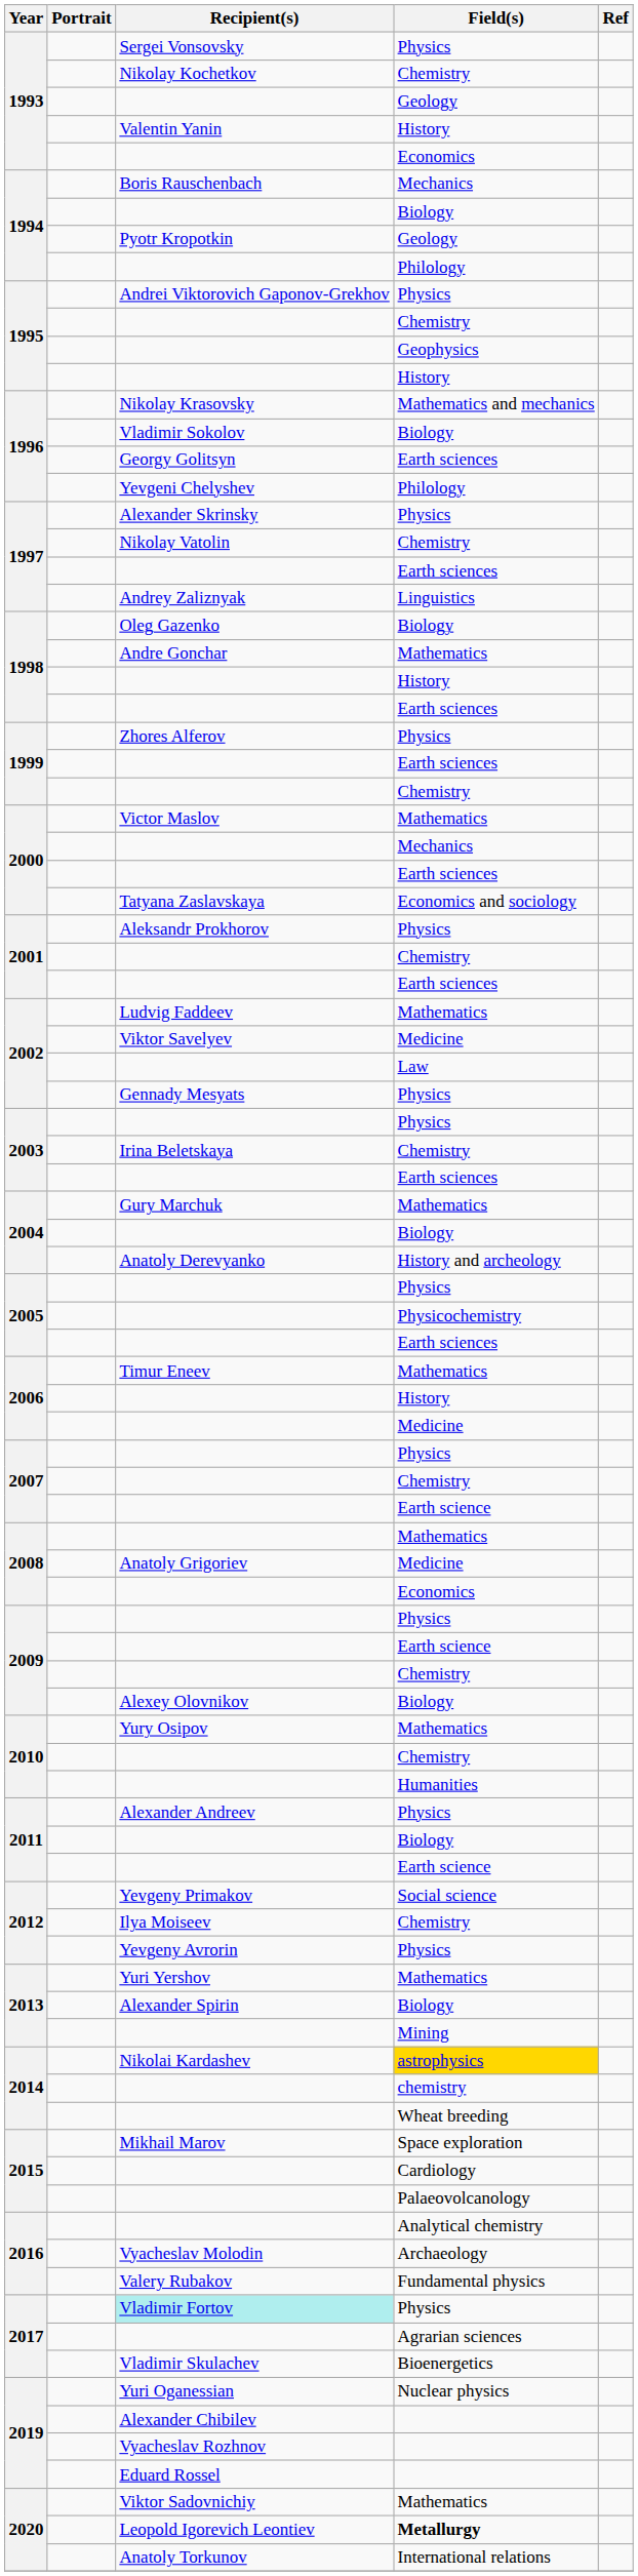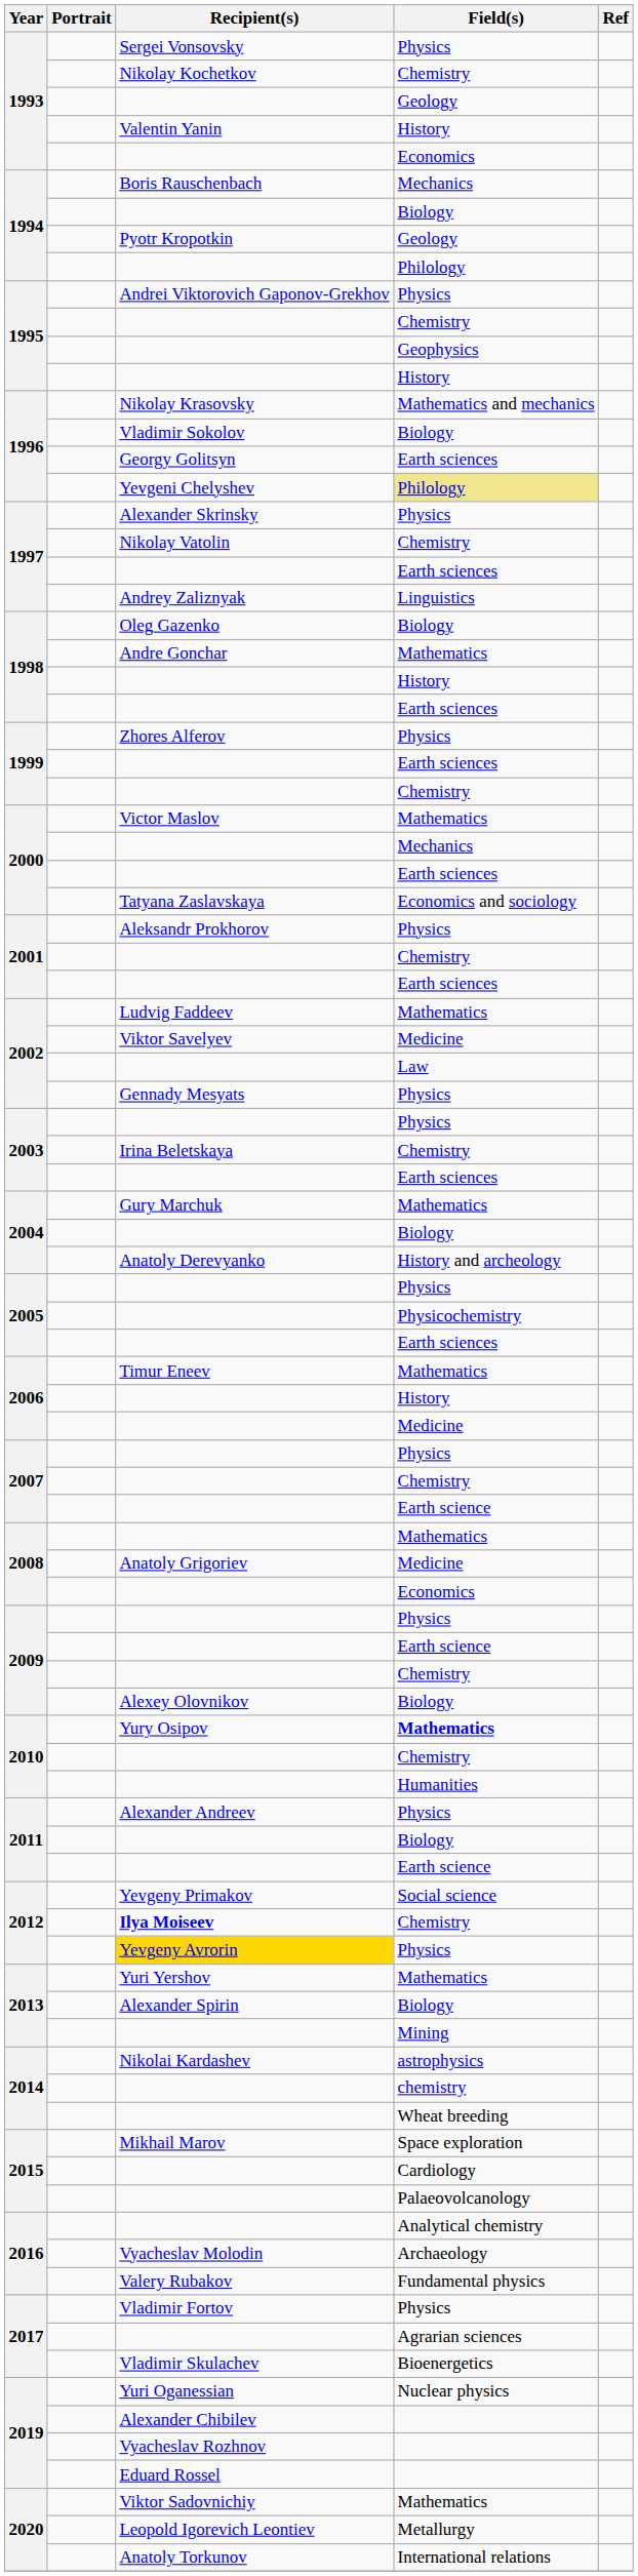 <table class="sortable wikitable" border="1" style="text-align:left">
 <tr>
 <th scope="col">Year</th>
 <th scope="col">Portrait</th>
 <th scope="col">Recipient(s)</th>
 <th scope="col">Field(s)</th>
 <th scope="col">Ref</th>
 </tr>
 <tr>
 <th rowspan=5>1993</th>
 <td></td>
 <td><a href='#'>Sergei Vonsovsky</a></td>
 <td><a href='#'>Physics</a></td>
 <td></td>
 </tr>
 <tr>
 <td></td>
 <td><a href='#'>Nikolay Kochetkov</a></td>
 <td><a href='#'>Chemistry</a></td>
 <td></td>
 </tr>
 <tr>
 <td></td>
 <td></td>
 <td><a href='#'>Geology</a></td>
 <td></td>
 </tr>
 <tr>
 <td></td>
 <td><a href='#'>Valentin Yanin</a></td>
 <td><a href='#'>History</a></td>
 <td></td>
 </tr>
 <tr>
 <td></td>
 <td></td>
 <td><a href='#'>Economics</a></td>
 <td></td>
 </tr>
 <tr>
 <th rowspan=4>1994</th>
 <td></td>
 <td><a href='#'>Boris Rauschenbach</a></td>
 <td><a href='#'>Mechanics</a></td>
 <td></td>
 </tr>
 <tr>
 <td></td>
 <td></td>
 <td><a href='#'>Biology</a></td>
 <td></td>
 </tr>
 <tr>
 <td></td>
 <td><a href='#'>Pyotr Kropotkin</a></td>
 <td><a href='#'>Geology</a></td>
 <td></td>
 </tr>
 <tr>
 <td></td>
 <td></td>
 <td><a href='#'>Philology</a></td>
 <td></td>
 </tr>
 <tr>
 <th rowspan=4>1995</th>
 <td></td>
 <td><a href='#'>Andrei Viktorovich Gaponov-Grekhov</a></td>
 <td><a href='#'>Physics</a></td>
 <td></td>
 </tr>
 <tr>
 <td></td>
 <td></td>
 <td><a href='#'>Chemistry</a></td>
 <td></td>
 </tr>
 <tr>
 <td></td>
 <td></td>
 <td><a href='#'>Geophysics</a></td>
 <td></td>
 </tr>
 <tr>
 <td></td>
 <td></td>
 <td><a href='#'>History</a></td>
 <td></td>
 </tr>
 <tr>
 <th rowspan=4>1996</th>
 <td></td>
 <td><a href='#'>Nikolay Krasovsky</a></td>
 <td><a href='#'>Mathematics</a> and <a href='#'>mechanics</a></td>
 <td></td>
 </tr>
 <tr>
 <td></td>
 <td><a href='#'>Vladimir Sokolov</a></td>
 <td><a href='#'>Biology</a></td>
 <td></td>
 </tr>
 <tr>
 <td></td>
 <td><a href='#'>Georgy Golitsyn</a></td>
 <td><a href='#'>Earth sciences</a></td>
 <td></td>
 </tr>
 <tr>
 <td></td>
 <td><a href='#'>Yevgeni Chelyshev</a></td>
-<td><a href='#'>Philology</a></td>
+<td style="background: khaki;"><a href='#'>Philology</a></td>
 <td></td>
 </tr>
 <tr>
 <th rowspan=4>1997</th>
 <td></td>
 <td><a href='#'>Alexander Skrinsky</a></td>
 <td><a href='#'>Physics</a></td>
 <td></td>
 </tr>
 <tr>
 <td></td>
 <td><a href='#'>Nikolay Vatolin</a></td>
 <td><a href='#'>Chemistry</a></td>
 <td></td>
 </tr>
 <tr>
 <td></td>
 <td></td>
 <td><a href='#'>Earth sciences</a></td>
 <td></td>
 </tr>
 <tr>
 <td></td>
 <td><a href='#'>Andrey Zaliznyak</a></td>
 <td><a href='#'>Linguistics</a></td>
 <td></td>
 </tr>
 <tr>
 <th rowspan=4>1998</th>
 <td></td>
 <td><a href='#'>Oleg Gazenko</a></td>
 <td><a href='#'>Biology</a></td>
 <td></td>
 </tr>
 <tr>
 <td></td>
 <td><a href='#'>Andre Gonchar</a></td>
 <td><a href='#'>Mathematics</a></td>
 <td></td>
 </tr>
 <tr>
 <td></td>
 <td></td>
 <td><a href='#'>History</a></td>
 <td></td>
 </tr>
 <tr>
 <td></td>
 <td></td>
 <td><a href='#'>Earth sciences</a></td>
 <td></td>
 </tr>
 <tr>
 <th rowspan=3>1999</th>
 <td></td>
 <td><a href='#'>Zhores Alferov</a></td>
 <td><a href='#'>Physics</a></td>
 <td></td>
 </tr>
 <tr>
 <td></td>
 <td></td>
 <td><a href='#'>Earth sciences</a></td>
 <td></td>
 </tr>
 <tr>
 <td></td>
 <td></td>
 <td><a href='#'>Chemistry</a></td>
 <td></td>
 </tr>
 <tr>
 <th rowspan=4>2000</th>
 <td></td>
 <td><a href='#'>Victor Maslov</a></td>
 <td><a href='#'>Mathematics</a></td>
 <td></td>
 </tr>
 <tr>
 <td></td>
 <td></td>
 <td><a href='#'>Mechanics</a></td>
 <td></td>
 </tr>
 <tr>
 <td></td>
 <td></td>
 <td><a href='#'>Earth sciences</a></td>
 <td></td>
 </tr>
 <tr>
 <td></td>
 <td><a href='#'>Tatyana Zaslavskaya</a></td>
 <td><a href='#'>Economics</a> and <a href='#'>sociology</a></td>
 <td></td>
 </tr>
 <tr>
 <th rowspan=3>2001</th>
 <td></td>
 <td><a href='#'>Aleksandr Prokhorov</a></td>
 <td><a href='#'>Physics</a></td>
 <td></td>
 </tr>
 <tr>
 <td></td>
 <td></td>
 <td><a href='#'>Chemistry</a></td>
 <td></td>
 </tr>
 <tr>
 <td></td>
 <td></td>
 <td><a href='#'>Earth sciences</a></td>
 <td></td>
 </tr>
 <tr>
 <th rowspan=4>2002</th>
 <td></td>
 <td><a href='#'>Ludvig Faddeev</a></td>
 <td><a href='#'>Mathematics</a></td>
 <td></td>
 </tr>
 <tr>
 <td></td>
 <td><a href='#'>Viktor Savelyev</a></td>
 <td><a href='#'>Medicine</a></td>
 <td></td>
 </tr>
 <tr>
 <td></td>
 <td></td>
 <td><a href='#'>Law</a></td>
 <td></td>
 </tr>
 <tr>
 <td></td>
 <td><a href='#'>Gennady Mesyats</a></td>
 <td><a href='#'>Physics</a></td>
 <td></td>
 </tr>
 <tr>
 <th rowspan=3>2003</th>
 <td></td>
 <td></td>
 <td><a href='#'>Physics</a></td>
 <td></td>
 </tr>
 <tr>
 <td></td>
 <td><a href='#'>Irina Beletskaya</a></td>
 <td><a href='#'>Chemistry</a></td>
 <td></td>
 </tr>
 <tr>
 <td></td>
 <td></td>
 <td><a href='#'>Earth sciences</a></td>
 <td></td>
 </tr>
 <tr>
 <th rowspan=3>2004</th>
 <td></td>
 <td><a href='#'>Gury Marchuk</a></td>
 <td><a href='#'>Mathematics</a></td>
 <td></td>
 </tr>
 <tr>
 <td></td>
 <td></td>
 <td><a href='#'>Biology</a></td>
 <td></td>
 </tr>
 <tr>
 <td></td>
 <td><a href='#'>Anatoly Derevyanko</a></td>
 <td><a href='#'>History</a> and <a href='#'>archeology</a></td>
 <td></td>
 </tr>
 <tr>
 <th rowspan=3>2005</th>
 <td></td>
 <td></td>
 <td><a href='#'>Physics</a></td>
 <td></td>
 </tr>
 <tr>
 <td></td>
 <td></td>
 <td><a href='#'>Physicochemistry</a></td>
 <td></td>
 </tr>
 <tr>
 <td></td>
 <td></td>
 <td><a href='#'>Earth sciences</a></td>
 <td></td>
 </tr>
 <tr>
 <th rowspan=3>2006</th>
 <td></td>
 <td><a href='#'>Timur Eneev</a></td>
 <td><a href='#'>Mathematics</a></td>
 <td></td>
 </tr>
 <tr>
 <td></td>
 <td></td>
 <td><a href='#'>History</a></td>
 <td></td>
 </tr>
 <tr>
 <td></td>
 <td></td>
 <td><a href='#'>Medicine</a></td>
 <td></td>
 </tr>
 <tr>
 <th rowspan=3>2007</th>
 <td></td>
 <td></td>
 <td><a href='#'>Physics</a></td>
 <td></td>
 </tr>
 <tr>
 <td></td>
 <td></td>
 <td><a href='#'>Chemistry</a></td>
 <td></td>
 </tr>
 <tr>
 <td></td>
 <td></td>
 <td><a href='#'>Earth science</a></td>
 <td></td>
 </tr>
 <tr>
 <th rowspan=3>2008</th>
 <td></td>
 <td></td>
 <td><a href='#'>Mathematics</a></td>
 <td></td>
 </tr>
 <tr>
 <td></td>
 <td><a href='#'>Anatoly Grigoriev</a></td>
 <td><a href='#'>Medicine</a></td>
 <td></td>
 </tr>
 <tr>
 <td></td>
 <td></td>
 <td><a href='#'>Economics</a></td>
 <td></td>
 </tr>
 <tr>
 <th rowspan=4>2009</th>
 <td></td>
 <td></td>
 <td><a href='#'>Physics</a></td>
 <td></td>
 </tr>
 <tr>
 <td></td>
 <td></td>
 <td><a href='#'>Earth science</a></td>
 <td></td>
 </tr>
 <tr>
 <td></td>
 <td></td>
 <td><a href='#'>Chemistry</a></td>
 <td></td>
 </tr>
 <tr>
 <td></td>
 <td><a href='#'>Alexey Olovnikov</a></td>
 <td><a href='#'>Biology</a></td>
 <td></td>
 </tr>
 <tr>
 <th rowspan=3>2010</th>
 <td></td>
 <td><a href='#'>Yury Osipov</a></td>
-<td><a href='#'>Mathematics</a></td>
+<td><strong><a href='#'>Mathematics</a></strong></td>
 <td></td>
 </tr>
 <tr>
 <td></td>
 <td></td>
 <td><a href='#'>Chemistry</a></td>
 <td></td>
 </tr>
 <tr>
 <td></td>
 <td></td>
 <td><a href='#'>Humanities</a></td>
 <td></td>
 </tr>
 <tr>
 <th rowspan=3>2011</th>
 <td></td>
 <td><a href='#'>Alexander Andreev</a></td>
 <td><a href='#'>Physics</a></td>
 <td></td>
 </tr>
 <tr>
 <td></td>
 <td></td>
 <td><a href='#'>Biology</a></td>
 <td></td>
 </tr>
 <tr>
 <td></td>
 <td></td>
 <td><a href='#'>Earth science</a></td>
 <td></td>
 </tr>
 <tr>
 <th rowspan=3>2012</th>
 <td></td>
 <td><a href='#'>Yevgeny Primakov</a></td>
 <td><a href='#'>Social science</a></td>
 <td></td>
 </tr>
 <tr>
 <td></td>
-<td><a href='#'>Ilya Moiseev</a></td>
+<td><strong><a href='#'>Ilya Moiseev</a></strong></td>
 <td><a href='#'>Chemistry</a></td>
 <td></td>
 </tr>
 <tr>
 <td></td>
-<td><a href='#'>Yevgeny Avrorin</a></td>
+<td style="background: gold;"><a href='#'>Yevgeny Avrorin</a></td>
 <td><a href='#'>Physics</a></td>
 <td></td>
 </tr>
 <tr>
 <th rowspan=3>2013</th>
 <td></td>
 <td><a href='#'>Yuri Yershov</a></td>
 <td><a href='#'>Mathematics</a></td>
 <td></td>
 </tr>
 <tr>
 <td></td>
 <td><a href='#'>Alexander Spirin</a></td>
 <td><a href='#'>Biology</a></td>
 <td></td>
 </tr>
 <tr>
 <td></td>
 <td></td>
 <td><a href='#'>Mining</a></td>
 <td></td>
 </tr>
 <tr>
 <th rowspan = 3>2014</th>
 <td></td>
 <td><a href='#'>Nikolai Kardashev</a></td>
-<td style="background: gold;"><a href='#'>astrophysics</a></td>
+<td><a href='#'>astrophysics</a></td>
 <td></td>
 </tr>
 <tr>
 <td></td>
 <td></td>
 <td><a href='#'>chemistry</a></td>
 <td></td>
 </tr>
 <tr>
 <td></td>
 <td></td>
 <td>Wheat breeding</td>
 <td></td>
 </tr>
 <tr>
 <th rowspan="3">2015</th>
 <td></td>
 <td><a href='#'>Mikhail Marov</a></td>
 <td>Space exploration</td>
 <td></td>
 </tr>
 <tr>
 <td></td>
 <td></td>
 <td>Cardiology</td>
 <td></td>
 </tr>
 <tr>
 <td></td>
 <td></td>
 <td>Palaeovolcanology</td>
 <td></td>
 </tr>
 <tr>
 <th rowspan="3">2016</th>
 <td></td>
 <td></td>
 <td>Analytical chemistry</td>
 <td></td>
 </tr>
 <tr>
 <td></td>
 <td><a href='#'>Vyacheslav Molodin</a></td>
 <td>Archaeology</td>
 <td></td>
 </tr>
 <tr>
 <td></td>
 <td><a href='#'>Valery Rubakov</a></td>
 <td>Fundamental physics</td>
 <td></td>
 </tr>
 <tr>
 <th rowspan="3">2017</th>
 <td></td>
-<td style="background: paleturquoise;"><a href='#'>Vladimir Fortov</a></td>
+<td><a href='#'>Vladimir Fortov</a></td>
 <td>Physics</td>
 <td></td>
 </tr>
 <tr>
 <td></td>
 <td></td>
 <td>Agrarian sciences</td>
 <td></td>
 </tr>
 <tr>
 <td></td>
 <td><a href='#'>Vladimir Skulachev</a></td>
 <td>Bioenergetics</td>
 <td></td>
 </tr>
 <tr>
 <th rowspan="4">2019</th>
 <td></td>
 <td><a href='#'>Yuri Oganessian</a></td>
 <td>Nuclear physics</td>
 <td></td>
 </tr>
 <tr>
 <td></td>
 <td><a href='#'>Alexander Chibilev</a></td>
 <td></td>
 <td></td>
 </tr>
 <tr>
 <td></td>
 <td><a href='#'>Vyacheslav Rozhnov</a></td>
 <td></td>
 <td></td>
 </tr>
 <tr>
 <td></td>
 <td><a href='#'>Eduard Rossel</a></td>
 <td></td>
 <td></td>
 </tr>
 <tr>
 <th rowspan="3">2020</th>
 <td></td>
 <td><a href='#'>Viktor Sadovnichiy</a></td>
 <td>Mathematics</td>
 <td></td>
 </tr>
 <tr>
 <td></td>
 <td><a href='#'>Leopold Igorevich Leontiev</a></td>
-<td><strong>Metallurgy</strong></td>
+<td>Metallurgy</td>
 <td></td>
 </tr>
 <tr>
 <td></td>
 <td><a href='#'>Anatoly Torkunov</a></td>
 <td>International relations</td>
 <td></td>
 </tr>
 <tr>
 </tr>
 </table>
